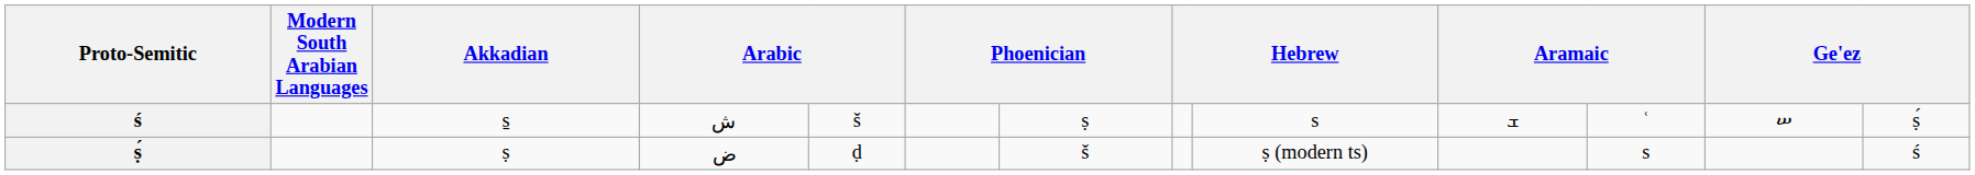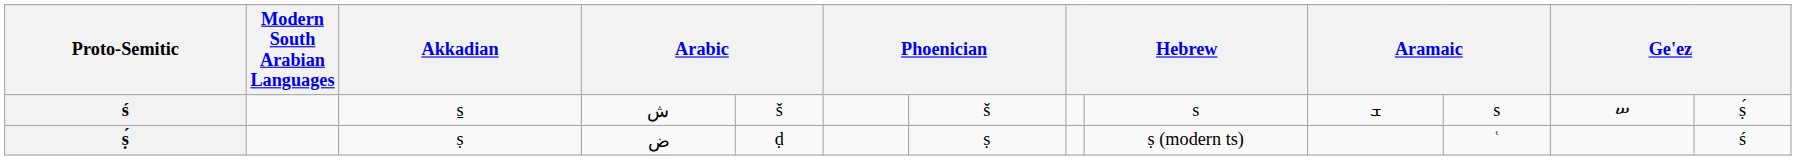 <table class="wikitable" style="text-align:center;">
 <tr>
 <th width="14%">Proto-Semitic</th>
 <th><a href='#'>Modern South Arabian Languages</a></th>
 <th width="14%"><a href='#'>Akkadian</a></th>
 <th width="14%" colspan="2"><a href='#'>Arabic</a></th>
 <th width="14%" colspan="2"><a href='#'>Phoenician</a></th>
 <th width="14%" colspan="2"><a href='#'>Hebrew</a></th>
 <th width="14%" colspan="2"><a href='#'>Aramaic</a></th>
 <th width="14%" colspan="2"><a href='#'>Ge'ez</a></th>
 </tr>
 <tr>
 <th>ś </th>
 <td></td>
 <td>s̠</td>
 <td>ش</td>
 <td>š</td>
 <td></td>
-<td>ṣ</td>
+<td>š</td>
 <td></td>
 <td>s</td>
 <td>ܫ</td>
-<td>ʿ</td>
+<td>s</td>
 <td>ሠ</td>
 <td>ṣ́</td>
 </tr>
 <tr>
 <th>ṣ́ </th>
 <td></td>
 <td>ṣ</td>
 <td>ض</td>
 <td>ḍ</td>
 <td></td>
-<td>š</td>
+<td>ṣ</td>
 <td></td>
 <td>ṣ (modern ts)</td>
 <td></td>
-<td>s</td>
+<td>ʿ</td>
 <td></td>
 <td>ś</td>
 </tr>
 </table>
